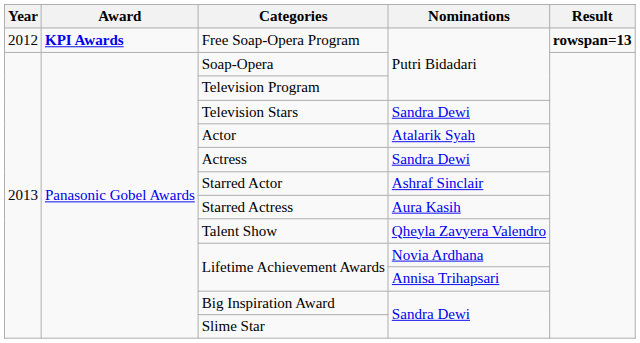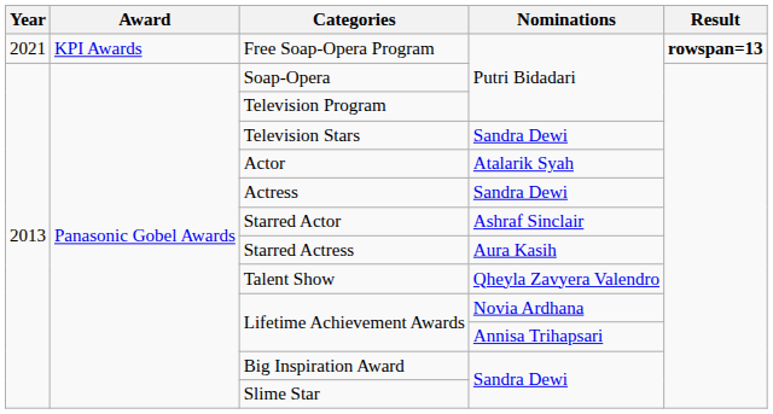 <table class="wikitable">
 <tr>
 <th>Year</th>
 <th>Award</th>
 <th>Categories</th>
 <th>Nominations</th>
 <th>Result</th>
 </tr>
 <tr>
-<td rowspan=1 style="text-align:center;">2012</td>
-<td rowspan=1 style="text-align:left;"><strong><a href='#'>KPI Awards</a></strong></td>
+<td rowspan=1 style="text-align:center;">2021</td>
+<td rowspan=1 style="text-align:left;"><a href='#'>KPI Awards</a></td>
 <td>Free Soap-Opera Program</td>
 <td rowspan=3>Putri Bidadari</td>
 <td><strong>rowspan=13 </strong></td>
 </tr>
 <tr>
 <td rowspan=12 style="text-align:center;">2013</td>
 <td rowspan=12 style="text-align:left;"><a href='#'>Panasonic Gobel Awards</a></td>
 <td>Soap-Opera</td>
 </tr>
 <tr>
 <td>Television Program</td>
 </tr>
 <tr>
 <td>Television Stars</td>
 <td><a href='#'>Sandra Dewi</a></td>
 </tr>
 <tr>
 <td>Actor</td>
 <td><a href='#'>Atalarik Syah</a></td>
 </tr>
 <tr>
 <td>Actress</td>
 <td><a href='#'>Sandra Dewi</a></td>
 </tr>
 <tr>
 <td>Starred Actor</td>
 <td><a href='#'>Ashraf Sinclair</a></td>
 </tr>
 <tr>
 <td>Starred Actress</td>
 <td><a href='#'>Aura Kasih</a></td>
 </tr>
 <tr>
 <td>Talent Show</td>
 <td><a href='#'>Qheyla Zavyera Valendro</a></td>
 </tr>
 <tr>
 <td rowspan=2>Lifetime Achievement Awards</td>
 <td><a href='#'>Novia Ardhana</a></td>
 </tr>
 <tr>
 <td><a href='#'>Annisa Trihapsari</a></td>
 </tr>
 <tr>
 <td>Big Inspiration Award</td>
 <td rowspan=2><a href='#'>Sandra Dewi</a></td>
 </tr>
 <tr>
 <td>Slime Star</td>
 </tr>
 </table>
